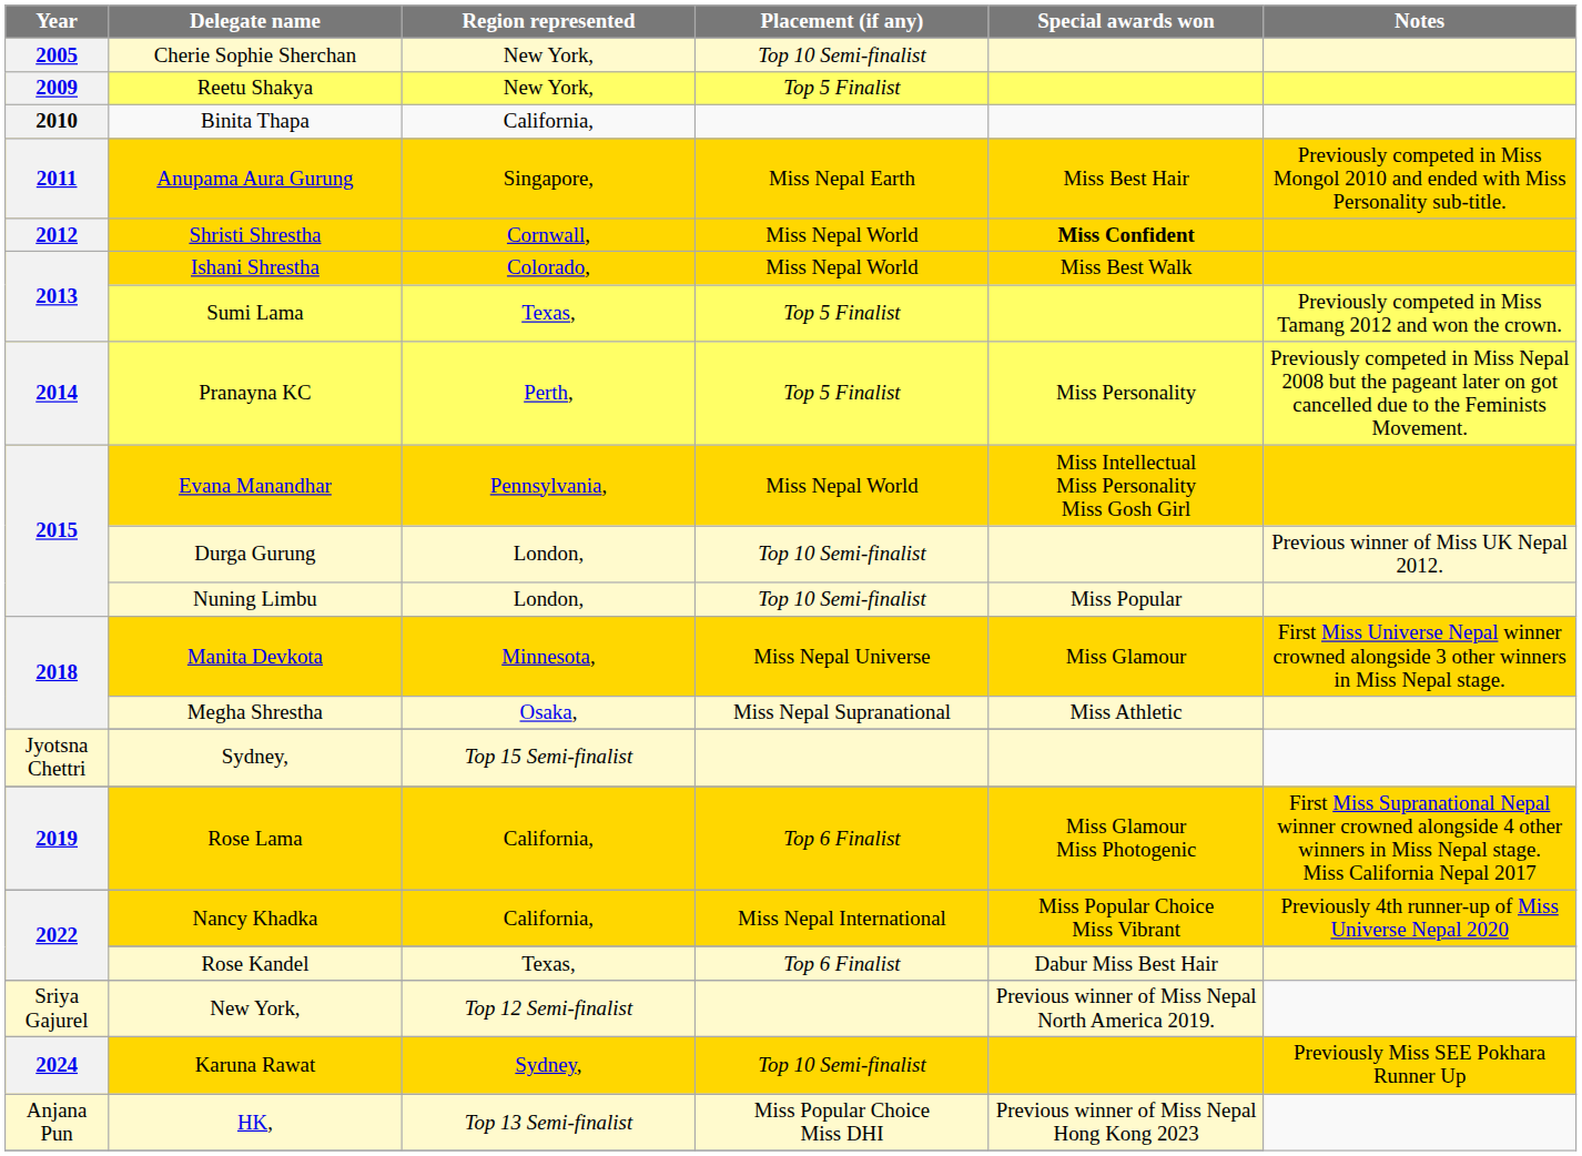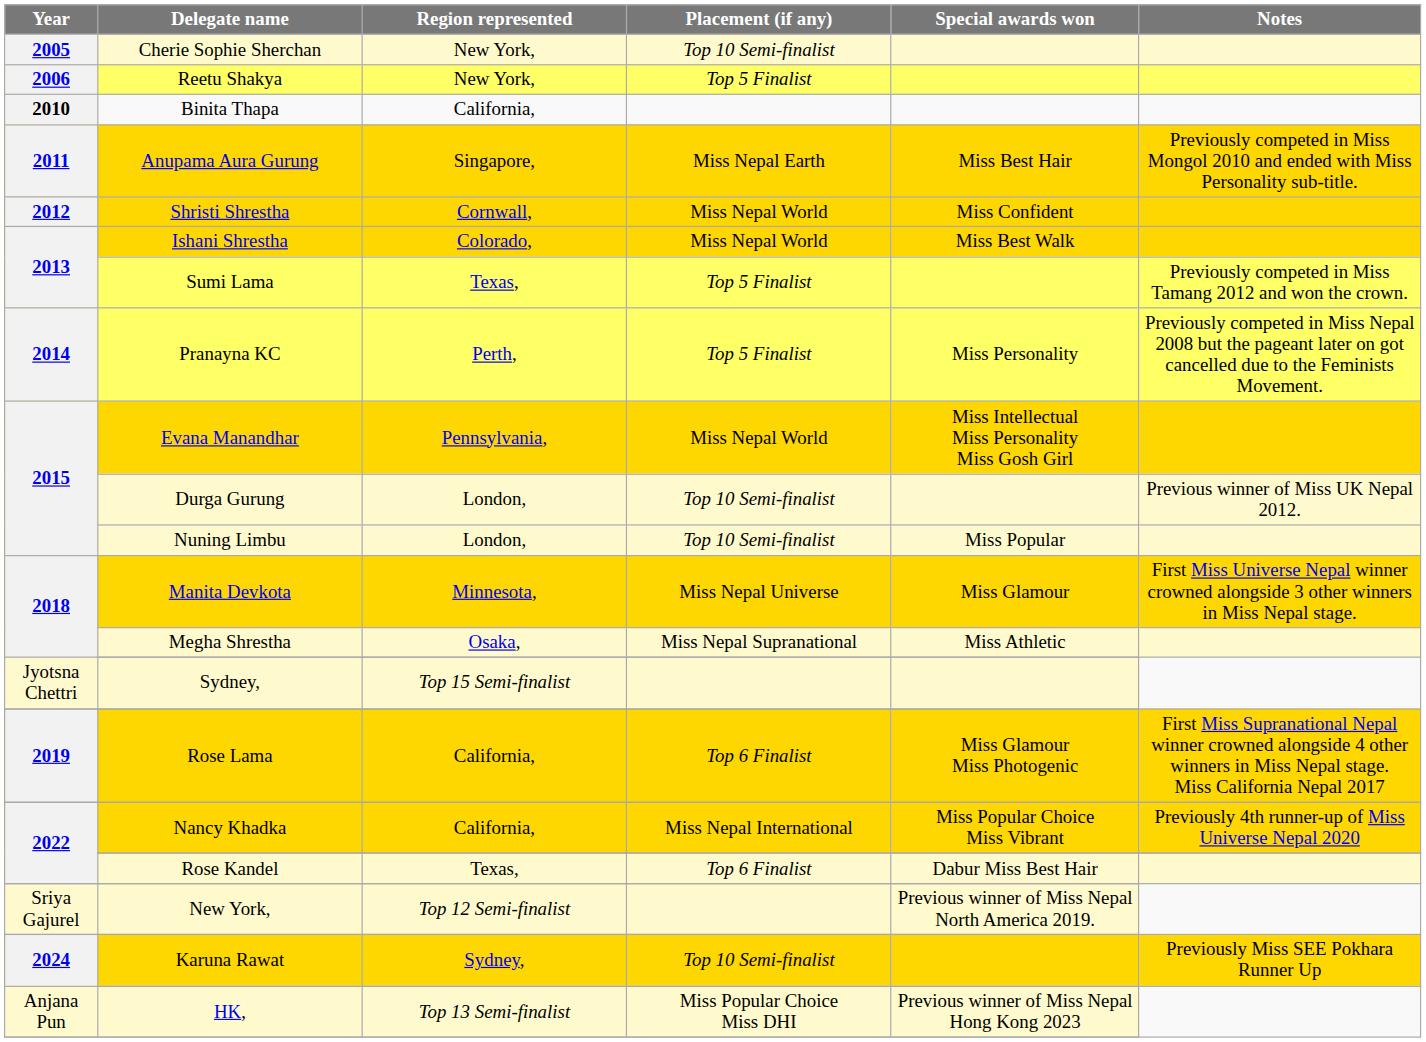 <table class="wikitable" style="width:95%;text-align:center">
 <tr>
 <th width="30" style="background-color:#787878;color:#FFFFFF;">Year</th>
 <th width="150" style="background-color:#787878;color:#FFFFFF;">Delegate name</th>
 <th width="150" style="background-color:#787878;color:#FFFFFF;">Region represented</th>
 <th width="150" style="background-color:#787878;color:#FFFFFF;">Placement (if any)</th>
 <th width="140" style="background-color:#787878;color:#FFFFFF;">Special awards won</th>
 <th width="160" style="background-color:#787878;color:#FFFFFF;">Notes</th>
 </tr>
 <tr style="background-color:#FFFACD; : ">
 <th><a href='#'>2005</a></th>
 <td>Cherie Sophie Sherchan</td>
 <td>New York, </td>
 <td><em>Top 10 Semi-finalist</em></td>
 <td></td>
 <td></td>
 </tr>
 <tr style="background-color:#FFFF66; : ">
-<th><a href='#'>2009</a></th>
+<th><a href='#'>2006</a></th>
 <td>Reetu Shakya</td>
 <td>New York, </td>
 <td><em>Top 5 Finalist</em></td>
 <td></td>
 <td></td>
 </tr>
 <tr>
 <th>2010</th>
 <td>Binita Thapa</td>
 <td>California, </td>
 <td></td>
 <td></td>
 <td></td>
 </tr>
 <tr style="background:GOLD; font-weight:;">
 <th><a href='#'>2011</a></th>
 <td><a href='#'>Anupama Aura Gurung</a></td>
 <td>Singapore, </td>
 <td>Miss Nepal Earth</td>
 <td>Miss Best Hair</td>
 <td>Previously competed in Miss Mongol 2010 and ended with Miss Personality sub-title.</td>
 </tr>
 <tr style="background:GOLD; font-weight:;">
 <th><a href='#'>2012</a></th>
 <td><a href='#'>Shristi Shrestha</a></td>
 <td><a href='#'>Cornwall</a>, </td>
 <td>Miss Nepal World</td>
-<td><strong>Miss Confident</strong></td>
+<td>Miss Confident</td>
 <td></td>
 </tr>
 <tr style="background:GOLD; font-weight:;">
 <th rowspan="2"><a href='#'>2013</a></th>
 <td><a href='#'>Ishani Shrestha</a></td>
 <td><a href='#'>Colorado</a>, </td>
 <td>Miss Nepal World</td>
 <td>Miss Best Walk</td>
 <td></td>
 </tr>
 <tr style="background-color:#FFFF66; : ">
 <td>Sumi Lama</td>
 <td><a href='#'>Texas</a>, </td>
 <td><em>Top 5 Finalist</em></td>
 <td></td>
 <td>Previously competed in Miss Tamang 2012 and won the crown.</td>
 </tr>
 <tr style="background-color:#FFFF66; : ">
 <th><a href='#'>2014</a></th>
 <td>Pranayna KC</td>
 <td><a href='#'>Perth</a>, </td>
 <td><em>Top 5 Finalist</em></td>
 <td>Miss Personality</td>
 <td>Previously competed in Miss Nepal 2008 but the pageant later on got cancelled due to the Feminists Movement.</td>
 </tr>
 <tr style="background:GOLD; font-weight:;">
 <th rowspan="3"><a href='#'>2015</a></th>
 <td><a href='#'>Evana Manandhar</a></td>
 <td><a href='#'>Pennsylvania</a>, </td>
 <td>Miss Nepal World</td>
 <td>Miss Intellectual <br> Miss Personality <br> Miss Gosh Girl</td>
 <td></td>
 </tr>
 <tr style="background-color:#FFFACD; : ">
 <td>Durga Gurung</td>
 <td>London, </td>
 <td><em>Top 10 Semi-finalist</em></td>
 <td></td>
 <td>Previous winner of Miss UK Nepal 2012.</td>
 </tr>
 <tr style="background-color:#FFFACD; : ">
 <td>Nuning Limbu</td>
 <td>London, </td>
 <td><em>Top 10 Semi-finalist</em></td>
 <td>Miss Popular</td>
 <td></td>
 </tr>
 <tr style="background:GOLD; font-weight:;">
 <th rowspan="3"><a href='#'>2018</a></th>
 <td><a href='#'>Manita Devkota</a></td>
 <td><a href='#'>Minnesota</a>, </td>
 <td>Miss Nepal Universe</td>
 <td>Miss Glamour</td>
 <td>First <a href='#'>Miss Universe Nepal</a> winner crowned alongside 3 other winners in Miss Nepal stage.</td>
 </tr>
 <tr style="background-color:#FFFACD; : ">
 <td>Megha Shrestha</td>
 <td><a href='#'>Osaka</a>, </td>
 <td>Miss Nepal Supranational</td>
 <td>Miss Athletic</td>
 <td></td>
 </tr>
 <tr>
 </tr>
 <tr style="background-color:#FFFACD; : ">
 <td>Jyotsna Chettri</td>
 <td>Sydney, </td>
 <td><em>Top 15 Semi-finalist</em></td>
 <td></td>
 <td></td>
 </tr>
 <tr>
 </tr>
 <tr style="background:GOLD; font-weight:;">
 <th><a href='#'>2019</a></th>
 <td>Rose Lama</td>
 <td>California, </td>
 <td><em>Top 6 Finalist</em></td>
 <td>Miss Glamour <br> Miss Photogenic</td>
 <td>First <a href='#'>Miss Supranational Nepal</a> winner crowned alongside 4 other winners in Miss Nepal stage. <br> Miss California Nepal 2017</td>
 </tr>
 <tr>
 </tr>
 <tr style="background:GOLD; font-weight:;">
 <th rowspan="3"><a href='#'>2022</a></th>
 <td>Nancy Khadka</td>
 <td>California, </td>
 <td>Miss Nepal International</td>
 <td>Miss Popular Choice <br> Miss Vibrant</td>
 <td>Previously 4th runner-up of <a href='#'>Miss Universe Nepal 2020</a></td>
 </tr>
 <tr>
 </tr>
 <tr style="background-color:#FFFACD; : ">
 <td>Rose Kandel</td>
 <td>Texas, </td>
 <td><em>Top 6 Finalist</em></td>
 <td>Dabur Miss Best Hair</td>
 <td></td>
 </tr>
 <tr>
 </tr>
 <tr style="background-color:#FFFACD; : ">
 <td>Sriya Gajurel</td>
 <td>New York, </td>
 <td><em>Top 12 Semi-finalist</em></td>
 <td></td>
 <td>Previous winner of Miss Nepal North America 2019.</td>
 </tr>
 <tr>
 </tr>
 <tr style="background:GOLD; font-weight:;">
 <th rowspan="2"><a href='#'>2024</a></th>
 <td>Karuna Rawat</td>
 <td><a href='#'>Sydney</a>, </td>
 <td><em>Top 10 Semi-finalist</em></td>
 <td></td>
 <td>Previously Miss SEE Pokhara Runner Up</td>
 </tr>
 <tr>
 </tr>
 <tr style="background-color:#FFFACD; : ">
 <td>Anjana Pun</td>
 <td><a href='#'>HK</a>, </td>
 <td><em>Top 13 Semi-finalist</em></td>
 <td>Miss Popular Choice <br> Miss DHI</td>
 <td>Previous winner of Miss Nepal Hong Kong 2023</td>
 </tr>
 <tr>
 </tr>
 </table>
